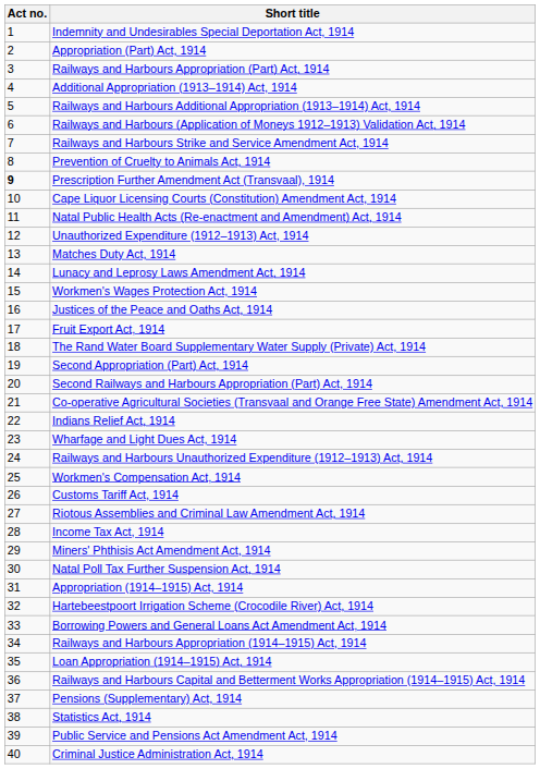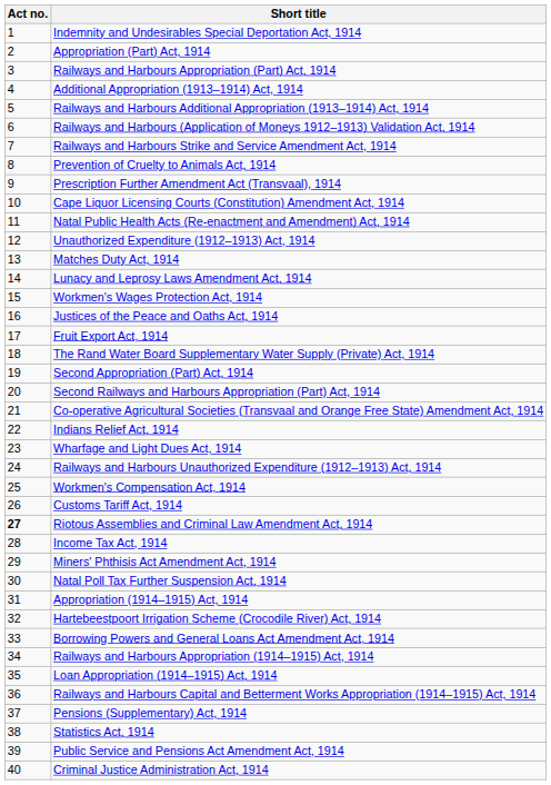 <table class="wikitable sortable">
 <tr>
 <th>Act no.</th>
 <th>Short title</th>
 </tr>
 <tr>
 <td>1</td>
 <td><a href='#'>Indemnity and Undesirables Special Deportation Act, 1914</a></td>
 </tr>
 <tr>
 <td>2</td>
 <td><a href='#'>Appropriation (Part) Act, 1914</a></td>
 </tr>
 <tr>
 <td>3</td>
 <td><a href='#'>Railways and Harbours Appropriation (Part) Act, 1914</a></td>
 </tr>
 <tr>
 <td>4</td>
 <td><a href='#'>Additional Appropriation (1913–1914) Act, 1914</a></td>
 </tr>
 <tr>
 <td>5</td>
 <td><a href='#'>Railways and Harbours Additional Appropriation (1913–1914) Act, 1914</a></td>
 </tr>
 <tr>
 <td>6</td>
 <td><a href='#'>Railways and Harbours (Application of Moneys 1912–1913) Validation Act, 1914</a></td>
 </tr>
 <tr>
 <td>7</td>
 <td><a href='#'>Railways and Harbours Strike and Service Amendment Act, 1914</a></td>
 </tr>
 <tr>
 <td>8</td>
 <td><a href='#'>Prevention of Cruelty to Animals Act, 1914</a></td>
 </tr>
 <tr>
-<td><strong>9</strong></td>
+<td>9</td>
 <td><a href='#'>Prescription Further Amendment Act (Transvaal), 1914</a></td>
 </tr>
 <tr>
 <td>10</td>
 <td><a href='#'>Cape Liquor Licensing Courts (Constitution) Amendment Act, 1914</a></td>
 </tr>
 <tr>
 <td>11</td>
 <td><a href='#'>Natal Public Health Acts (Re-enactment and Amendment) Act, 1914</a></td>
 </tr>
 <tr>
 <td>12</td>
 <td><a href='#'>Unauthorized Expenditure (1912–1913) Act, 1914</a></td>
 </tr>
 <tr>
 <td>13</td>
 <td><a href='#'>Matches Duty Act, 1914</a></td>
 </tr>
 <tr>
 <td>14</td>
 <td><a href='#'>Lunacy and Leprosy Laws Amendment Act, 1914</a></td>
 </tr>
 <tr>
 <td>15</td>
 <td><a href='#'>Workmen's Wages Protection Act, 1914</a></td>
 </tr>
 <tr>
 <td>16</td>
 <td><a href='#'>Justices of the Peace and Oaths Act, 1914</a></td>
 </tr>
 <tr>
 <td>17</td>
 <td><a href='#'>Fruit Export Act, 1914</a></td>
 </tr>
 <tr>
 <td>18</td>
 <td><a href='#'>The Rand Water Board Supplementary Water Supply (Private) Act, 1914</a></td>
 </tr>
 <tr>
 <td>19</td>
 <td><a href='#'>Second Appropriation (Part) Act, 1914</a></td>
 </tr>
 <tr>
 <td>20</td>
 <td><a href='#'>Second Railways and Harbours Appropriation (Part) Act, 1914</a></td>
 </tr>
 <tr>
 <td>21</td>
 <td><a href='#'>Co-operative Agricultural Societies (Transvaal and Orange Free State) Amendment Act, 1914</a></td>
 </tr>
 <tr>
 <td>22</td>
 <td><a href='#'>Indians Relief Act, 1914</a></td>
 </tr>
 <tr>
 <td>23</td>
 <td><a href='#'>Wharfage and Light Dues Act, 1914</a></td>
 </tr>
 <tr>
 <td>24</td>
 <td><a href='#'>Railways and Harbours Unauthorized Expenditure (1912–1913) Act, 1914</a></td>
 </tr>
 <tr>
 <td>25</td>
 <td><a href='#'>Workmen's Compensation Act, 1914</a></td>
 </tr>
 <tr>
 <td>26</td>
 <td><a href='#'>Customs Tariff Act, 1914</a></td>
 </tr>
 <tr>
-<td>27</td>
+<td><strong>27</strong></td>
 <td><a href='#'>Riotous Assemblies and Criminal Law Amendment Act, 1914</a></td>
 </tr>
 <tr>
 <td>28</td>
 <td><a href='#'>Income Tax Act, 1914</a></td>
 </tr>
 <tr>
 <td>29</td>
 <td><a href='#'>Miners' Phthisis Act Amendment Act, 1914</a></td>
 </tr>
 <tr>
 <td>30</td>
 <td><a href='#'>Natal Poll Tax Further Suspension Act, 1914</a></td>
 </tr>
 <tr>
 <td>31</td>
 <td><a href='#'>Appropriation (1914–1915) Act, 1914</a></td>
 </tr>
 <tr>
 <td>32</td>
 <td><a href='#'>Hartebeestpoort Irrigation Scheme (Crocodile River) Act, 1914</a></td>
 </tr>
 <tr>
 <td>33</td>
 <td><a href='#'>Borrowing Powers and General Loans Act Amendment Act, 1914</a></td>
 </tr>
 <tr>
 <td>34</td>
 <td><a href='#'>Railways and Harbours Appropriation (1914–1915) Act, 1914</a></td>
 </tr>
 <tr>
 <td>35</td>
 <td><a href='#'>Loan Appropriation (1914–1915) Act, 1914</a></td>
 </tr>
 <tr>
 <td>36</td>
 <td><a href='#'>Railways and Harbours Capital and Betterment Works Appropriation (1914–1915) Act, 1914</a></td>
 </tr>
 <tr>
 <td>37</td>
 <td><a href='#'>Pensions (Supplementary) Act, 1914</a></td>
 </tr>
 <tr>
 <td>38</td>
 <td><a href='#'>Statistics Act, 1914</a></td>
 </tr>
 <tr>
 <td>39</td>
 <td><a href='#'>Public Service and Pensions Act Amendment Act, 1914</a></td>
 </tr>
 <tr>
 <td>40</td>
 <td><a href='#'>Criminal Justice Administration Act, 1914</a></td>
 </tr>
 </table>
